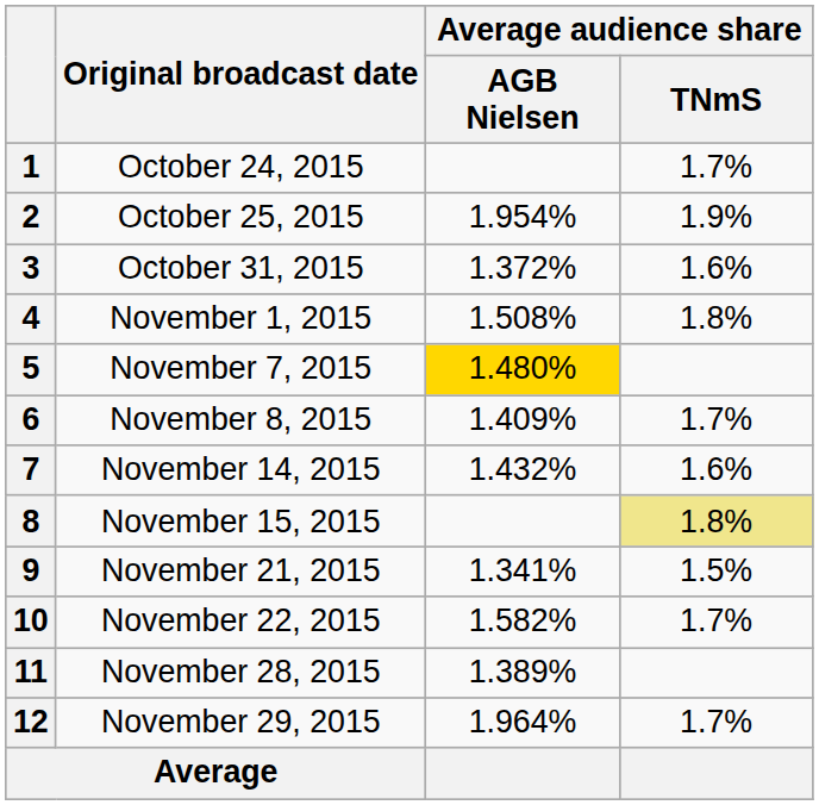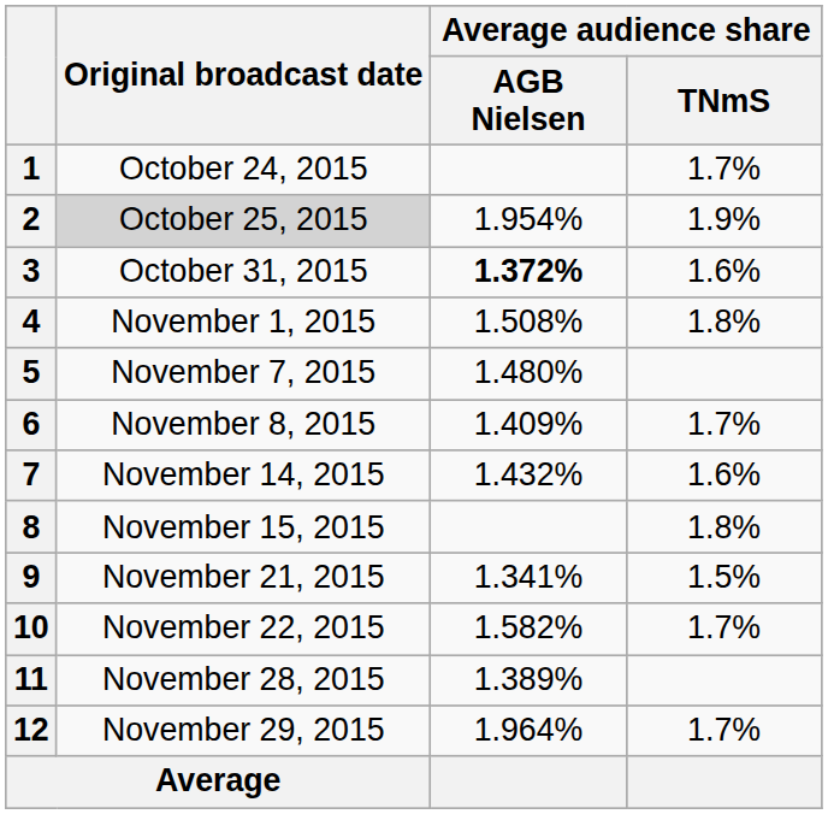 <table class="wikitable" style="text-align:center">
 <tr>
 <th rowspan="2"></th>
 <th rowspan="2">Original broadcast date</th>
 <th colspan="2">Average audience share</th>
 </tr>
 <tr>
 <th width="90">AGB Nielsen</th>
 <th width="90">TNmS</th>
 </tr>
 <tr>
 <th>1</th>
 <td>October 24, 2015</td>
 <td></td>
 <td>1.7%</td>
 </tr>
 <tr>
 <th>2</th>
-<td>October 25, 2015</td>
+<td style="background: lightgrey;">October 25, 2015</td>
 <td>1.954%</td>
 <td>1.9%</td>
 </tr>
 <tr>
 <th>3</th>
 <td>October 31, 2015</td>
-<td>1.372%</td>
+<td><strong>1.372%</strong></td>
 <td>1.6%</td>
 </tr>
 <tr>
 <th>4</th>
 <td>November 1, 2015</td>
 <td>1.508%</td>
 <td>1.8%</td>
 </tr>
 <tr>
 <th>5</th>
 <td>November 7, 2015</td>
-<td style="background: gold;">1.480%</td>
+<td>1.480%</td>
 <td></td>
 </tr>
 <tr>
 <th>6</th>
 <td>November 8, 2015</td>
 <td>1.409%</td>
 <td>1.7%</td>
 </tr>
 <tr>
 <th>7</th>
 <td>November 14, 2015</td>
 <td>1.432%</td>
 <td>1.6%</td>
 </tr>
 <tr>
 <th>8</th>
 <td>November 15, 2015</td>
 <td></td>
-<td style="background: khaki;">1.8%</td>
+<td>1.8%</td>
 </tr>
 <tr>
 <th>9</th>
 <td>November 21, 2015</td>
 <td>1.341%</td>
 <td>1.5%</td>
 </tr>
 <tr>
 <th>10</th>
 <td>November 22, 2015</td>
 <td>1.582%</td>
 <td>1.7%</td>
 </tr>
 <tr>
 <th>11</th>
 <td>November 28, 2015</td>
 <td>1.389%</td>
 <td></td>
 </tr>
 <tr>
 <th>12</th>
 <td>November 29, 2015</td>
 <td>1.964%</td>
 <td>1.7%</td>
 </tr>
 <tr>
 <th colspan="2">Average</th>
 <th></th>
 <th></th>
 </tr>
 </table>
